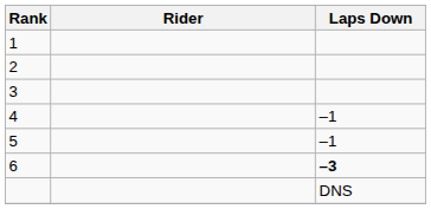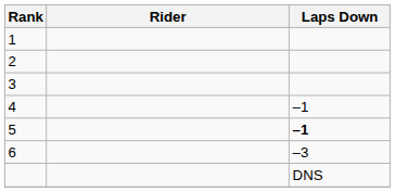 <table class="wikitable" style="font-size:95%" style="width:35em;" style="text-align:center">
 <tr>
 <th>Rank</th>
 <th width=250>Rider</th>
 <th width=100>Laps Down</th>
 </tr>
 <tr>
 <td>1</td>
 <td align=left></td>
 <td></td>
 </tr>
 <tr>
 <td>2</td>
 <td align=left></td>
 <td></td>
 </tr>
 <tr>
 <td>3</td>
 <td align=left></td>
 <td></td>
 </tr>
 <tr>
 <td>4</td>
 <td align=left></td>
 <td>–1</td>
 </tr>
 <tr>
 <td>5</td>
 <td align=left></td>
-<td>–1</td>
+<td><strong>–1</strong></td>
 </tr>
 <tr>
 <td>6</td>
 <td align=left></td>
-<td><strong>–3</strong></td>
+<td>–3</td>
 </tr>
 <tr>
 <td></td>
 <td align=left></td>
 <td>DNS</td>
 </tr>
 <tr>
 </tr>
 </table>
